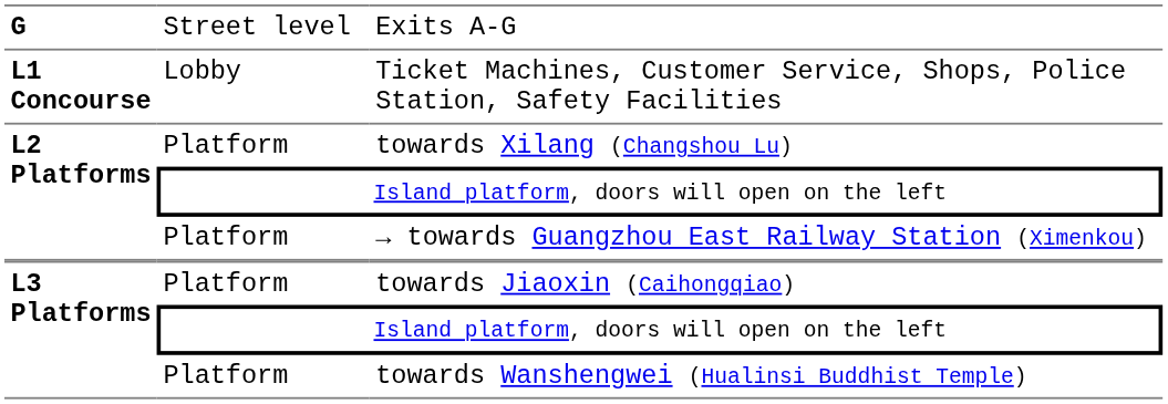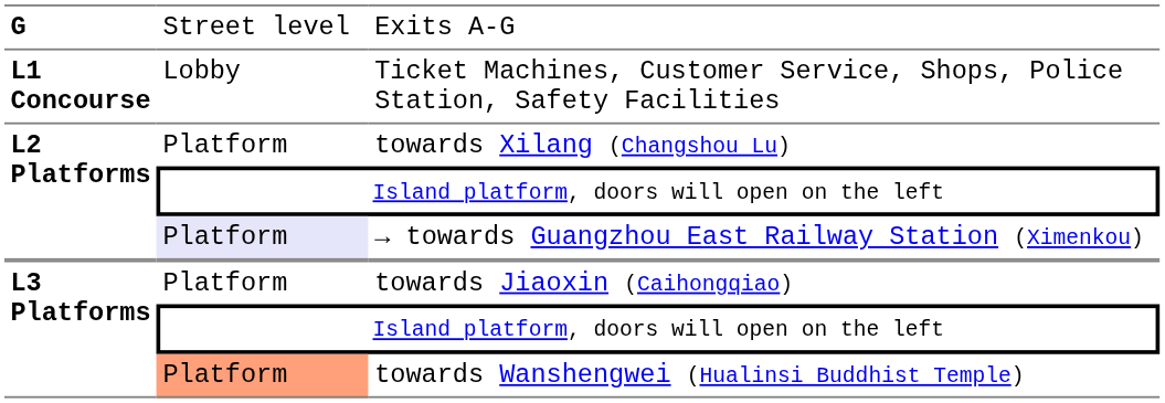 <table table border=0 cellspacing=0 cellpadding=3>
 <tr>
 <td style="border-top:solid 1px gray;" width=50 valign=top><strong>G</strong></td>
 <td style="border-top:solid 1px gray;" width=100 valign=top>Street level</td>
 <td style="border-top:solid 1px gray;" width=390 valign=top>Exits A-G</td>
 </tr>
 <tr>
 <td style="border-bottom:solid 1px gray; border-top:solid 1px gray;" valign=top><strong>L1<br>Concourse</strong></td>
 <td style="border-bottom:solid 1px gray; border-top:solid 1px gray;" valign=top>Lobby</td>
 <td style="border-bottom:solid 1px gray; border-top:solid 1px gray;" valign=top>Ticket Machines, Customer Service, Shops, Police Station, Safety Facilities</td>
 </tr>
 <tr>
 <td style="border-bottom:solid 1px gray;" rowspan=3 valign=top><strong>L2<br>Platforms</strong></td>
 <td>Platform </td>
 <td>  towards <a href='#'>Xilang</a> <small>(<a href='#'>Changshou Lu</a>)</small></td>
 </tr>
 <tr>
 <td style="border-right:solid 2px black;border-left:solid 2px black;border-top:solid 2px black;border-bottom:solid 2px black;text-align:center;" colspan=2><small><a href='#'>Island platform</a>, doors will open on the left</small></td>
 </tr>
 <tr>
-<td style="border-bottom:solid 1px gray;">Platform </td>
+<td style="background: lavender; border-bottom:solid 1px gray;">Platform </td>
 <td style="border-bottom:solid 1px gray;"><span>→</span>  towards <a href='#'>Guangzhou East Railway Station</a> <small>(<a href='#'>Ximenkou</a>)</small> </td>
 </tr>
 <tr>
 <td style="border-bottom:solid 1px gray; border-top:solid 1px gray;" valign=top width=50 rowspan=3><strong>L3<br>Platforms</strong></td>
 <td style="border-top:solid 1px gray;">Platform </td>
 <td style="border-top:solid 1px gray;">  towards <a href='#'>Jiaoxin</a> <small>(<a href='#'>Caihongqiao</a>)</small></td>
 </tr>
 <tr>
 <td style="border-right:solid 2px black;border-left:solid 2px black;border-top:solid 2px black;border-bottom:solid 2px black;text-align:center;" colspan=2><small><a href='#'>Island platform</a>, doors will open on the left</small></td>
 </tr>
 <tr>
-<td style="border-bottom:solid 1px gray;">Platform </td>
+<td style="background: lightsalmon; border-bottom:solid 1px gray;">Platform </td>
 <td style="border-bottom:solid 1px gray;"> towards <a href='#'>Wanshengwei</a> <small>(<a href='#'>Hualinsi Buddhist Temple</a>)</small> </td>
 </tr>
 </table>
